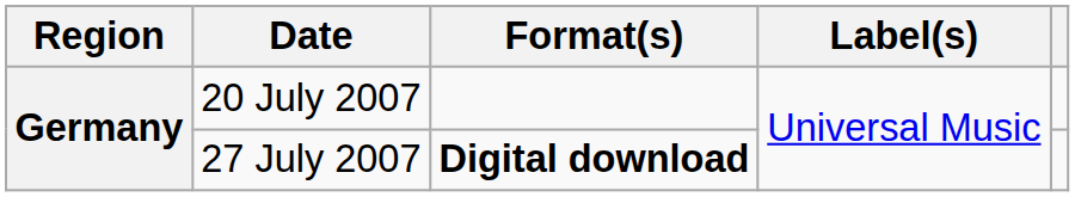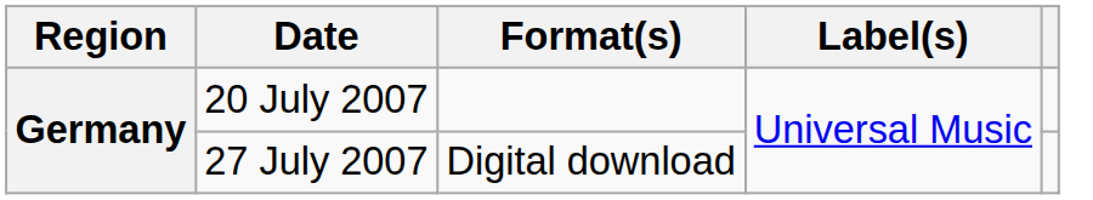 <table class="wikitable plainrowheaders">
 <tr>
 <th scope="col">Region</th>
 <th scope="col">Date</th>
 <th scope="col">Format(s)</th>
 <th scope="col">Label(s)</th>
 <th scope="col"></th>
 </tr>
 <tr>
 <th scope="row" rowspan="2">Germany</th>
 <td>20 July 2007</td>
 <td></td>
 <td rowspan="2"><a href='#'>Universal Music</a></td>
 <td></td>
 </tr>
 <tr>
 <td>27 July 2007</td>
-<td><strong>Digital download </strong></td>
+<td>Digital download </td>
 <td></td>
 </tr>
 </table>
